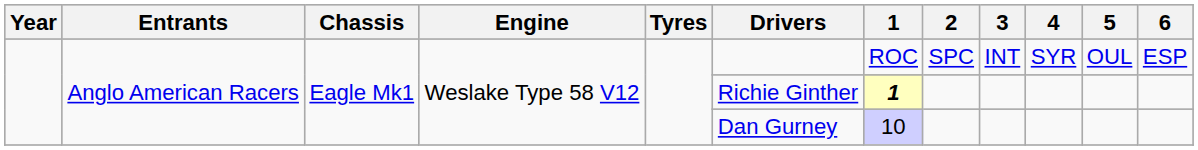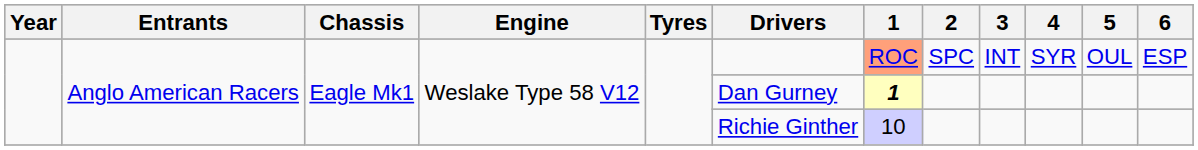 <table class="wikitable" style="text-align:center; font-size:85%">
 <tr>
 <th>Year</th>
 <th>Entrants</th>
 <th>Chassis</th>
 <th>Engine</th>
 <th>Tyres</th>
 <th>Drivers</th>
 <th>1</th>
 <th>2</th>
 <th>3</th>
 <th>4</th>
 <th>5</th>
 <th>6</th>
 </tr>
 <tr>
 <td rowspan=3></td>
 <td rowspan=3><a href='#'>Anglo American Racers</a></td>
 <td rowspan=3><a href='#'>Eagle Mk1</a></td>
 <td rowspan=3>Weslake Type 58 <a href='#'>V12</a></td>
 <td rowspan=3></td>
 <td></td>
-<td><a href='#'>ROC</a></td>
+<td style="background: lightsalmon;"><a href='#'>ROC</a></td>
 <td><a href='#'>SPC</a></td>
 <td><a href='#'>INT</a></td>
 <td><a href='#'>SYR</a></td>
 <td><a href='#'>OUL</a></td>
 <td><a href='#'>ESP</a></td>
 </tr>
 <tr>
-<td align="left"> <a href='#'>Richie Ginther</a></td>
+<td align="left"> <a href='#'>Dan Gurney</a></td>
 <td style="background:#FFFFBF;"><strong><em>1</em></strong></td>
 <td></td>
 <td></td>
 <td></td>
 <td></td>
 <td></td>
 </tr>
 <tr>
-<td align="left"> <a href='#'>Dan Gurney</a></td>
+<td align="left"> <a href='#'>Richie Ginther</a></td>
 <td style="background:#CFCFFF;">10</td>
 <td></td>
 <td></td>
 <td></td>
 <td></td>
 <td></td>
 </tr>
 </table>
